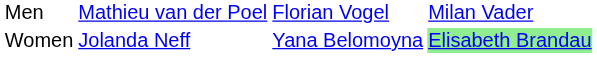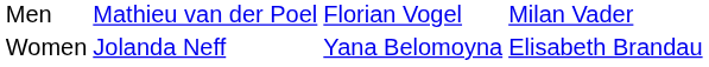 <table>
 <tr>
 <td align="left">Men</td>
 <td> <a href='#'>Mathieu van der Poel</a></td>
 <td> <a href='#'>Florian Vogel</a></td>
 <td> <a href='#'>Milan Vader</a></td>
 </tr>
 <tr>
 <td align="left">Women</td>
 <td> <a href='#'>Jolanda Neff</a></td>
 <td> <a href='#'>Yana Belomoyna</a></td>
-<td style="background: lightgreen;"> <a href='#'>Elisabeth Brandau</a></td>
+<td> <a href='#'>Elisabeth Brandau</a></td>
 </tr>
 </table>
